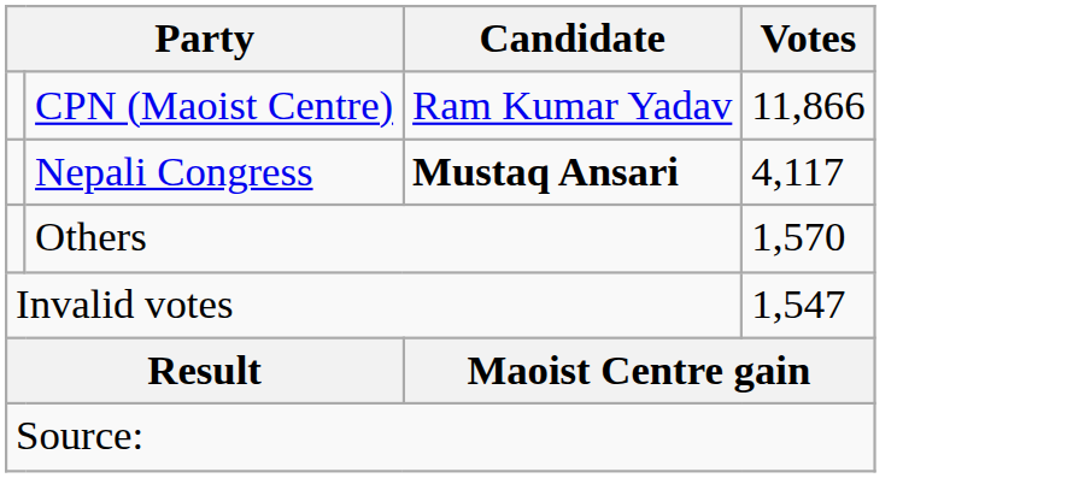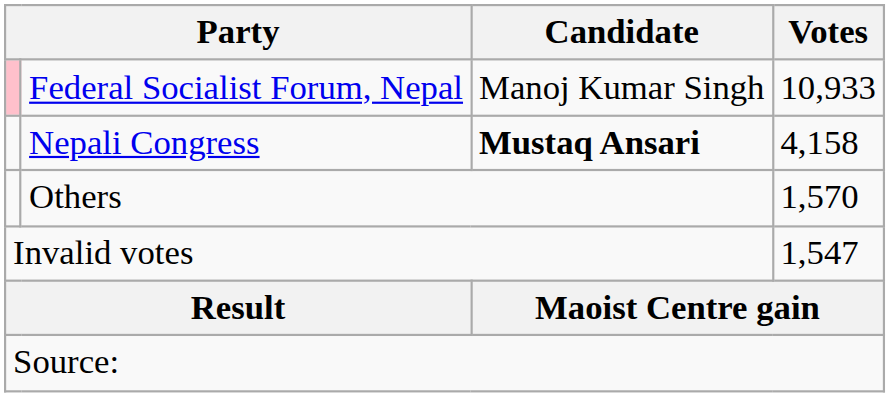 <table class="wikitable">
 <tr>
 <th colspan="2">Party</th>
 <th>Candidate</th>
 <th>Votes</th>
 </tr>
 <tr>
-<td style="background-color:"></td>
-<td><a href='#'>CPN (Maoist Centre)</a></td>
-<td><a href='#'>Ram Kumar Yadav</a></td>
-<td>11,866</td>
+<td style="background-color:pink"></td>
+<td><a href='#'>Federal Socialist Forum, Nepal</a></td>
+<td>Manoj Kumar Singh</td>
+<td>10,933</td>
 </tr>
 <tr>
 <td style="background-color:"></td>
 <td><a href='#'>Nepali Congress</a></td>
 <td><strong>Mustaq Ansari</strong></td>
-<td>4,117</td>
+<td>4,158</td>
 </tr>
 <tr>
 <td></td>
 <td colspan="2">Others</td>
 <td>1,570</td>
 </tr>
 <tr>
 <td colspan="3">Invalid votes</td>
 <td>1,547</td>
 </tr>
 <tr>
 <th colspan="2">Result</th>
 <th colspan="2">Maoist Centre gain</th>
 </tr>
 <tr>
 <td colspan="4">Source: </td>
 </tr>
 </table>
